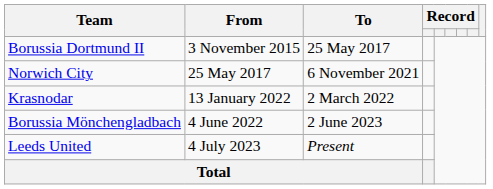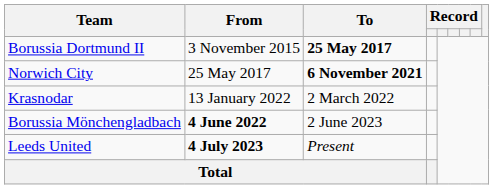 <table class=wikitable style=text-align:left>
 <tr>
 <th rowspan="2">Team</th>
 <th rowspan="2">From</th>
 <th rowspan="2">To</th>
 <th colspan="5">Record</th>
 <th rowspan="2"></th>
 </tr>
 <tr>
 <th></th>
 <th></th>
 <th></th>
 <th></th>
 <th></th>
 </tr>
 <tr>
 <td><a href='#'>Borussia Dortmund II</a></td>
 <td>3 November 2015</td>
-<td>25 May 2017<br></td>
+<td><strong>25 May 2017<br></strong></td>
 <td></td>
 </tr>
 <tr>
 <td><a href='#'>Norwich City</a></td>
 <td>25 May 2017</td>
-<td>6 November 2021<br></td>
+<td><strong>6 November 2021<br></strong></td>
 <td></td>
 </tr>
 <tr>
 <td><a href='#'>Krasnodar</a></td>
 <td>13 January 2022</td>
 <td>2 March 2022<br></td>
 <td></td>
 </tr>
 <tr>
 <td><a href='#'>Borussia Mönchengladbach</a></td>
-<td>4 June 2022</td>
+<td><strong>4 June 2022</strong></td>
 <td>2 June 2023<br></td>
 <td></td>
 </tr>
 <tr>
 <td><a href='#'>Leeds United</a></td>
-<td>4 July 2023</td>
+<td><strong>4 July 2023</strong></td>
 <td><em>Present</em><br></td>
 <td></td>
 </tr>
 <tr>
 <th colspan="3">Total<br></th>
 <th></th>
 </tr>
 </table>
